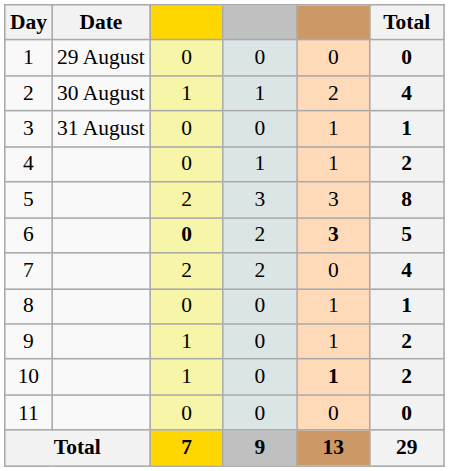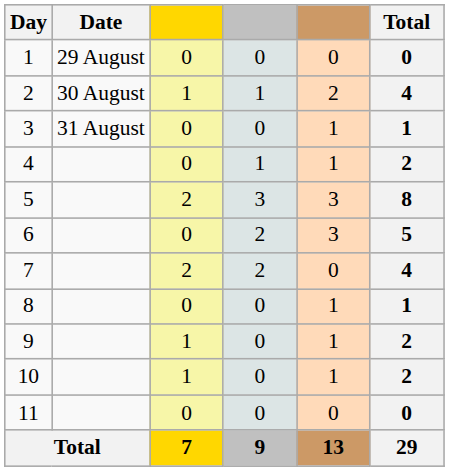 <table class="wikitable sortable collapsible" style="font-size:85%; text-align:center;">
 <tr>
 <th>Day</th>
 <th>Date</th>
 <th width=40 style="background-color:gold;"></th>
 <th width=40 style="background-color:silver;"></th>
 <th width=40 style="background-color:#c96;"></th>
 <th width=40>Total</th>
 </tr>
 <tr>
 <td>1</td>
 <td align=left>29 August</td>
 <td style="background:#f7f6a8;">0</td>
 <td style="background:#dce5e5;">0</td>
 <td style="background:#ffdab9;">0</td>
 <th>0</th>
 </tr>
 <tr>
 <td>2</td>
 <td align=left>30 August</td>
 <td style="background:#f7f6a8;">1</td>
 <td style="background:#dce5e5;">1</td>
 <td style="background:#ffdab9;">2</td>
 <th>4</th>
 </tr>
 <tr>
 <td>3</td>
 <td align=left>31 August</td>
 <td style="background:#f7f6a8;">0</td>
 <td style="background:#dce5e5;">0</td>
 <td style="background:#ffdab9;">1</td>
 <th>1</th>
 </tr>
 <tr>
 <td>4</td>
 <td align=left></td>
 <td style="background:#f7f6a8;">0</td>
 <td style="background:#dce5e5;">1</td>
 <td style="background:#ffdab9;">1</td>
 <th>2</th>
 </tr>
 <tr>
 <td>5</td>
 <td align=left></td>
 <td style="background:#f7f6a8;">2</td>
 <td style="background:#dce5e5;">3</td>
 <td style="background:#ffdab9;">3</td>
 <th>8</th>
 </tr>
 <tr>
 <td>6</td>
 <td align=left></td>
-<td style="background:#f7f6a8;"><strong>0</strong></td>
+<td style="background:#f7f6a8;">0</td>
 <td style="background:#dce5e5;">2</td>
-<td style="background:#ffdab9;"><strong>3</strong></td>
+<td style="background:#ffdab9;">3</td>
 <th>5</th>
 </tr>
 <tr>
 <td>7</td>
 <td align=left></td>
 <td style="background:#f7f6a8;">2</td>
 <td style="background:#dce5e5;">2</td>
 <td style="background:#ffdab9;">0</td>
 <th>4</th>
 </tr>
 <tr>
 <td>8</td>
 <td align=left></td>
 <td style="background:#f7f6a8;">0</td>
 <td style="background:#dce5e5;">0</td>
 <td style="background:#ffdab9;">1</td>
 <th>1</th>
 </tr>
 <tr>
 <td>9</td>
 <td align=left></td>
 <td style="background:#f7f6a8;">1</td>
 <td style="background:#dce5e5;">0</td>
 <td style="background:#ffdab9;">1</td>
 <th>2</th>
 </tr>
 <tr>
 <td>10</td>
 <td align=left></td>
 <td style="background:#f7f6a8;">1</td>
 <td style="background:#dce5e5;">0</td>
-<td style="background:#ffdab9;"><strong>1</strong></td>
+<td style="background:#ffdab9;">1</td>
 <th>2</th>
 </tr>
 <tr>
 <td>11</td>
 <td align=left></td>
 <td style="background:#f7f6a8;">0</td>
 <td style="background:#dce5e5;">0</td>
 <td style="background:#ffdab9;">0</td>
 <th>0</th>
 </tr>
 <tr>
 <th colspan="2">Total</th>
 <th style="background:gold;">7</th>
 <th style="background:silver;">9</th>
 <th style="background:#c96;">13</th>
 <th>29</th>
 </tr>
 </table>
